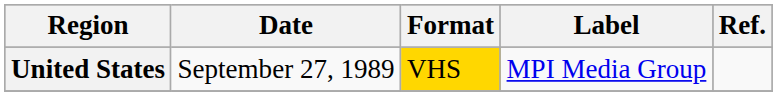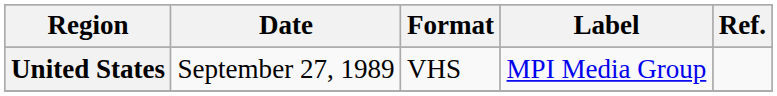 <table class="wikitable plainrowheaders">
 <tr>
 <th scope="col">Region</th>
 <th scope="col">Date</th>
 <th scope="col">Format</th>
 <th scope="col">Label</th>
 <th scope="col">Ref.</th>
 </tr>
 <tr>
 <th scope="row">United States</th>
 <td>September 27, 1989</td>
-<td style="background: gold;">VHS</td>
+<td>VHS</td>
 <td><a href='#'>MPI Media Group</a></td>
 <td></td>
 </tr>
 <tr>
 </tr>
 </table>
